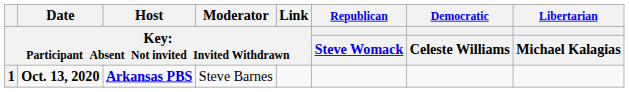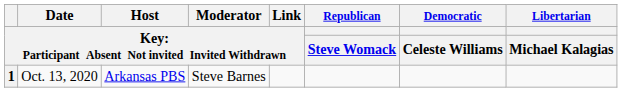 <table class="wikitable" style="text-align:center;">
 <tr>
 <th scope="col"></th>
 <th scope="col">Date</th>
 <th scope="col">Host</th>
 <th scope="col">Moderator</th>
 <th scope="col">Link</th>
 <th scope="col"><small><a href='#'>Republican</a></small></th>
 <th scope="col"><small><a href='#'>Democratic</a></small></th>
 <th scope="col"><small><a href='#'>Libertarian</a></small></th>
 </tr>
 <tr>
 <th colspan="5" rowspan="2">Key:<br> <small>Participant </small>  <small>Absent </small>  <small>Not invited </small>  <small>Invited  Withdrawn</small></th>
 <th scope="col" style="background:"></th>
 <th scope="col" style="background:"></th>
 <th scope="col" style="background:"></th>
 </tr>
 <tr>
 <th scope="col"><a href='#'>Steve Womack</a></th>
 <th scope="col">Celeste Williams</th>
 <th scope="col">Michael Kalagias</th>
 </tr>
 <tr>
 <th>1</th>
-<td style="white-space:nowrap;"><strong>Oct. 13, 2020</strong></td>
-<td style="white-space:nowrap;"><strong><a href='#'>Arkansas PBS</a></strong></td>
+<td style="white-space:nowrap;">Oct. 13, 2020</td>
+<td style="white-space:nowrap;"><a href='#'>Arkansas PBS</a></td>
 <td style="white-space:nowrap;">Steve Barnes</td>
 <td style="white-space:nowrap;"></td>
 <td></td>
 <td></td>
 <td></td>
 </tr>
 </table>
